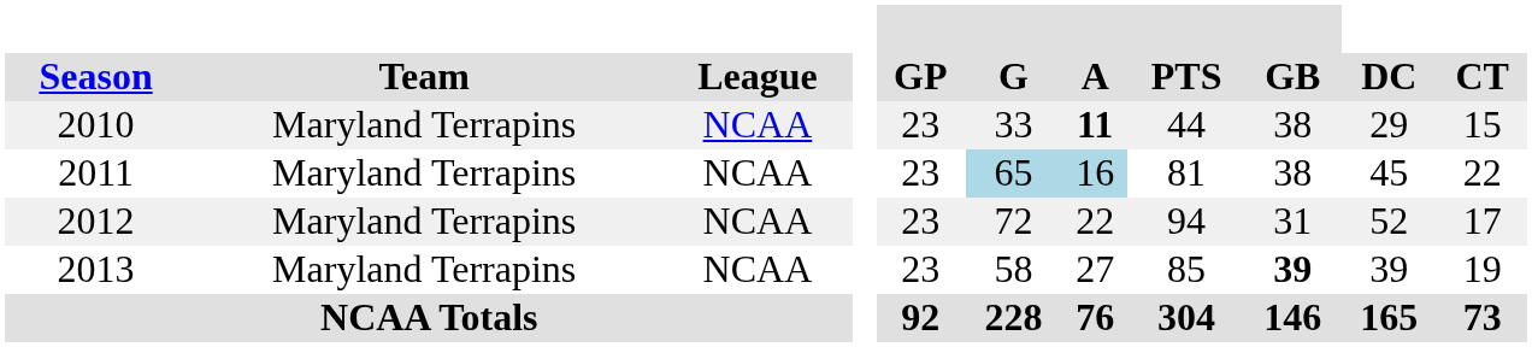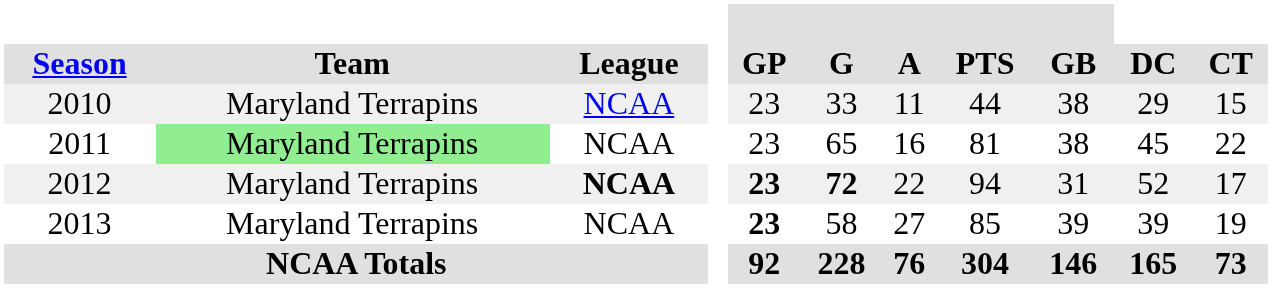 <table BORDER="0" CELLPADDING="1" CELLSPACING="0" width="50%" style="text-align:center">
 <tr bgcolor="#e0e0e0">
 <th colspan="3" bgcolor="#ffffff"> </th>
 <th rowspan="99" bgcolor="#ffffff"> </th>
 <th colspan="5"></th>
 </tr>
 <tr bgcolor="#e0e0e0">
 <th><a href='#'>Season</a></th>
 <th>Team</th>
 <th>League</th>
 <th>GP</th>
 <th>G</th>
 <th>A</th>
 <th>PTS</th>
 <th>GB</th>
 <th>DC</th>
 <th>CT</th>
 </tr>
 <tr bgcolor="#f0f0f0">
 <td>2010</td>
 <td>Maryland Terrapins</td>
 <td><a href='#'>NCAA</a></td>
 <td>23</td>
 <td>33</td>
-<td><strong>11</strong></td>
+<td>11</td>
 <td>44</td>
 <td>38</td>
 <td>29</td>
 <td>15</td>
 </tr>
 <tr>
 <td>2011</td>
-<td>Maryland Terrapins</td>
+<td style="background: lightgreen;">Maryland Terrapins</td>
 <td>NCAA</td>
 <td>23</td>
-<td style="background: lightblue;">65</td>
-<td style="background: lightblue;">16</td>
+<td>65</td>
+<td>16</td>
 <td>81</td>
 <td>38</td>
 <td>45</td>
 <td>22</td>
 </tr>
 <tr bgcolor="#f0f0f0">
 <td>2012</td>
 <td>Maryland Terrapins</td>
-<td>NCAA</td>
-<td>23</td>
-<td>72</td>
+<td><strong>NCAA</strong></td>
+<td><strong>23</strong></td>
+<td><strong>72</strong></td>
 <td>22</td>
 <td>94</td>
 <td>31</td>
 <td>52</td>
 <td>17</td>
 </tr>
 <tr bgcolor=>
 <td>2013</td>
 <td>Maryland Terrapins</td>
 <td>NCAA</td>
-<td>23</td>
+<td><strong>23</strong></td>
 <td>58</td>
 <td>27</td>
 <td>85</td>
-<td><strong>39</strong></td>
+<td>39</td>
 <td>39</td>
 <td>19</td>
 </tr>
 <tr ALIGN="center" bgcolor="#e0e0e0">
 <th colspan="3">NCAA Totals</th>
 <th>92</th>
 <th>228</th>
 <th>76</th>
 <th>304</th>
 <th>146</th>
 <th>165</th>
 <th>73</th>
 </tr>
 </table>
